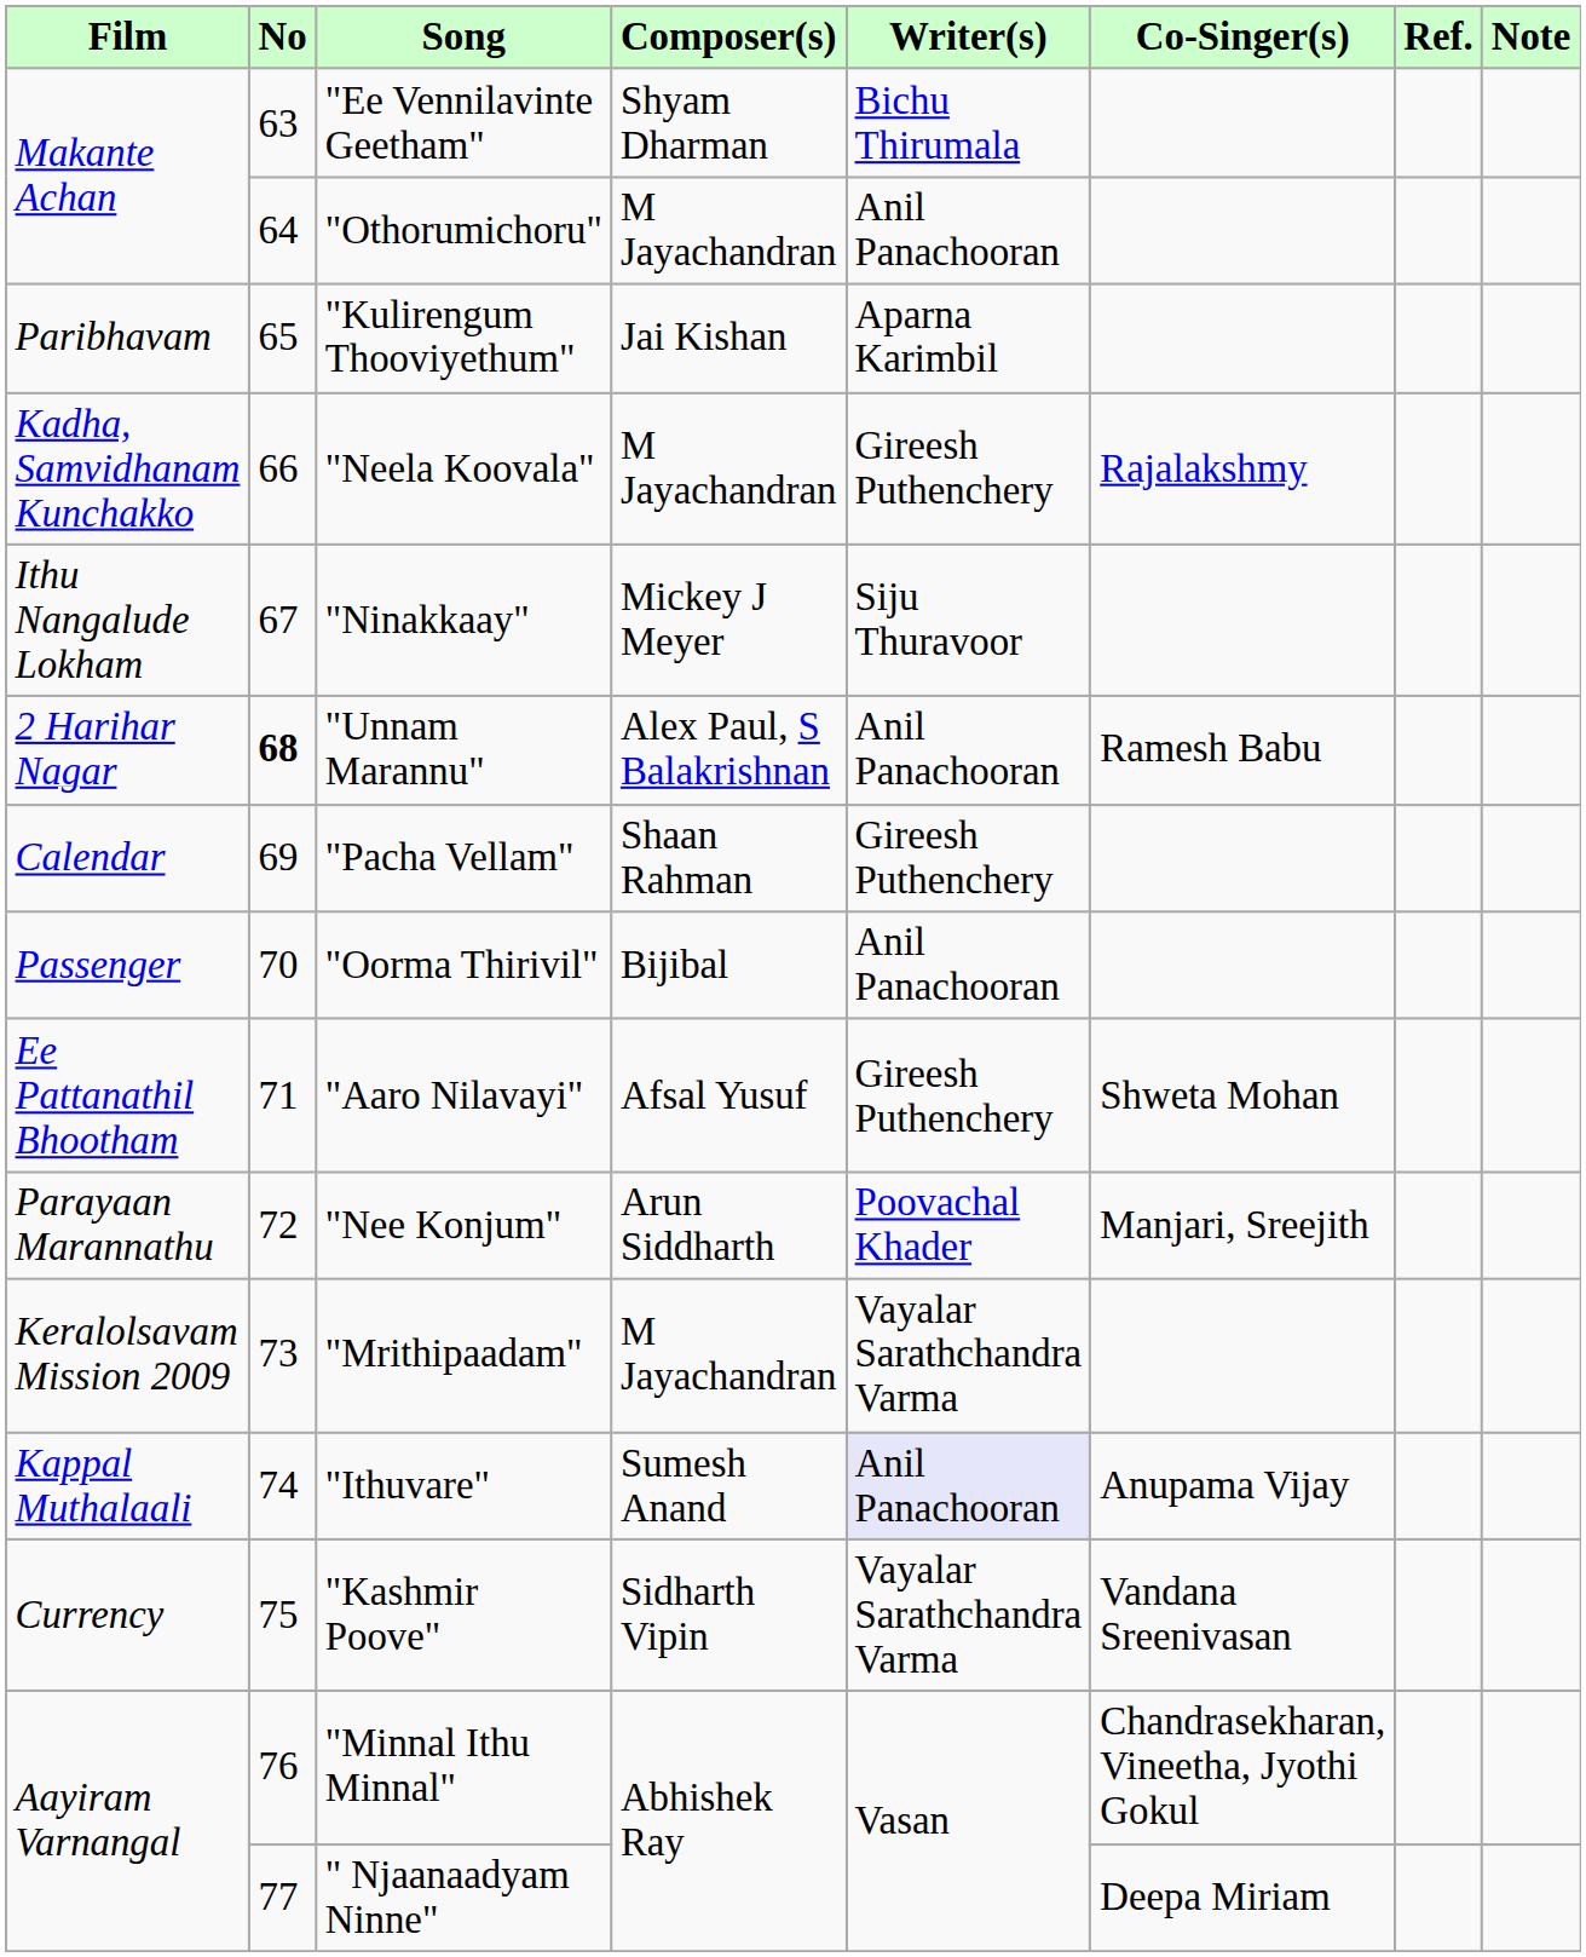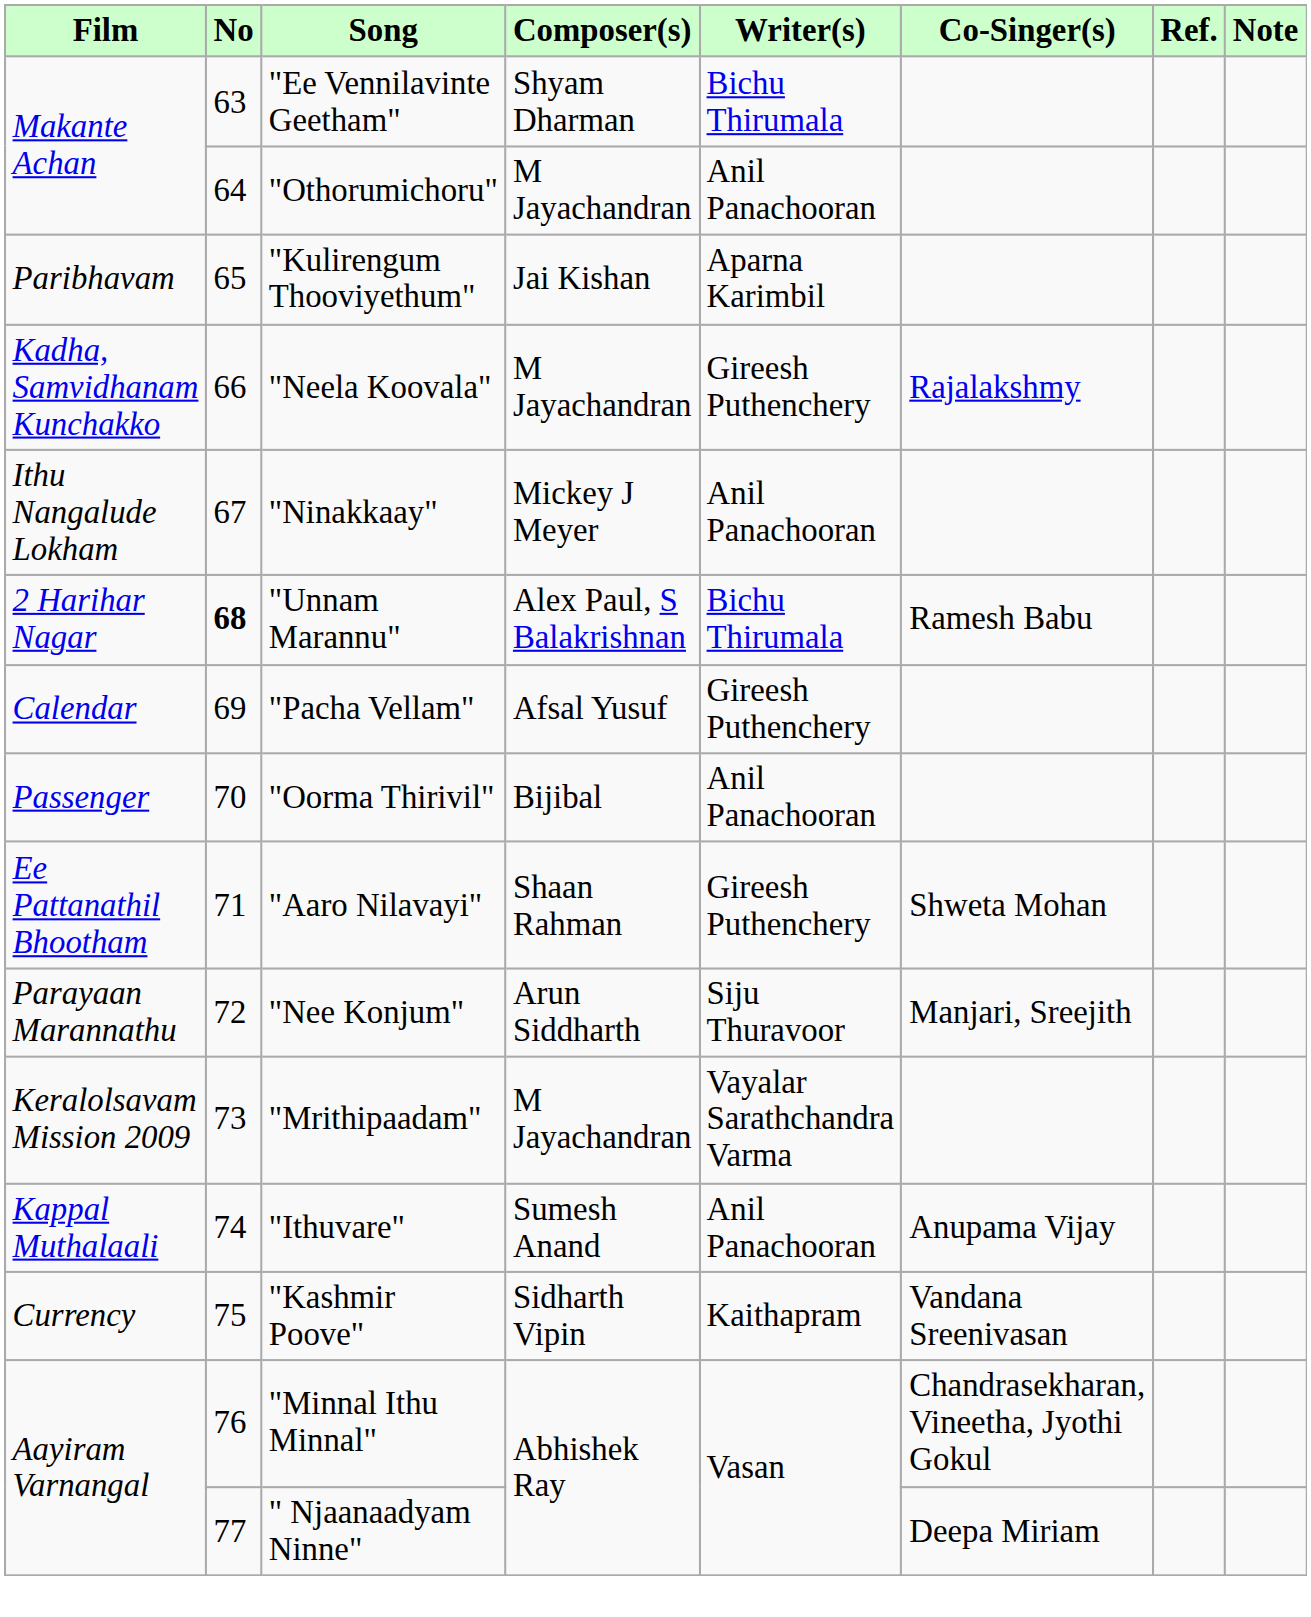 <table class="wikitable plainrowheaders" style="width:100%;" textcolor:#000;" style="align:center;">
 <tr style="background:#cfc; text-align:center;">
 <td scope="col" style="width:18%;"><strong>Film</strong></td>
 <td scope="col" style="width:4%;"><strong>No</strong></td>
 <td scope="col" style="width:14%;"><strong>Song</strong></td>
 <td scope="col" style="width:18%;"><strong>Composer(s)</strong></td>
 <td scope="col" style="width:16%;"><strong>Writer(s)</strong></td>
 <td scope="col" style="width:16%;"><strong>Co-Singer(s)</strong></td>
 <td scope="col" style="width:2%;"><strong>Ref.</strong></td>
 <td scope="col" style="width:12%;"><strong>Note</strong></td>
 </tr>
 <tr>
 <td rowspan="2"><em><a href='#'>Makante Achan</a></em></td>
 <td>63</td>
 <td>"Ee Vennilavinte Geetham"</td>
 <td>Shyam Dharman</td>
 <td><a href='#'>Bichu Thirumala</a></td>
 <td></td>
 <td></td>
 <td></td>
 </tr>
 <tr>
 <td>64</td>
 <td>"Othorumichoru"</td>
 <td>M Jayachandran</td>
 <td>Anil Panachooran</td>
 <td></td>
 <td></td>
 <td></td>
 </tr>
 <tr>
 <td><em>Paribhavam</em></td>
 <td>65</td>
 <td>"Kulirengum Thooviyethum"</td>
 <td>Jai Kishan</td>
 <td>Aparna Karimbil</td>
 <td></td>
 <td></td>
 <td></td>
 </tr>
 <tr>
 <td><em><a href='#'>Kadha, Samvidhanam Kunchakko</a></em></td>
 <td>66</td>
 <td>"Neela Koovala"</td>
 <td>M Jayachandran</td>
 <td>Gireesh Puthenchery</td>
 <td><a href='#'>Rajalakshmy</a></td>
 <td></td>
 <td></td>
 </tr>
 <tr>
 <td><em>Ithu Nangalude Lokham</em></td>
 <td>67</td>
 <td>"Ninakkaay"</td>
 <td>Mickey J Meyer</td>
-<td>Siju Thuravoor</td>
+<td>Anil Panachooran</td>
 <td></td>
 <td></td>
 </tr>
 <tr>
 <td><em><a href='#'>2 Harihar Nagar</a></em></td>
 <td><strong>68</strong></td>
 <td>"Unnam Marannu"</td>
 <td>Alex Paul, <a href='#'>S Balakrishnan</a></td>
-<td>Anil Panachooran</td>
+<td><a href='#'>Bichu Thirumala</a></td>
 <td>Ramesh Babu</td>
 <td></td>
 <td></td>
 </tr>
 <tr>
 <td><a href='#'><em>Calendar</em></a></td>
 <td>69</td>
 <td>"Pacha Vellam"</td>
-<td>Shaan Rahman</td>
+<td>Afsal Yusuf</td>
 <td>Gireesh Puthenchery</td>
 <td></td>
 <td></td>
 <td></td>
 </tr>
 <tr>
 <td><a href='#'><em>Passenger</em></a></td>
 <td>70</td>
 <td>"Oorma Thirivil"</td>
 <td>Bijibal</td>
 <td>Anil Panachooran</td>
 <td></td>
 <td></td>
 <td></td>
 </tr>
 <tr>
 <td><em><a href='#'>Ee Pattanathil Bhootham</a></em></td>
 <td>71</td>
 <td>"Aaro Nilavayi"</td>
-<td>Afsal Yusuf</td>
+<td>Shaan Rahman</td>
 <td>Gireesh Puthenchery</td>
 <td>Shweta Mohan</td>
 <td></td>
 <td></td>
 </tr>
 <tr>
 <td><em>Parayaan Marannathu</em></td>
 <td>72</td>
 <td>"Nee Konjum"</td>
 <td>Arun Siddharth</td>
-<td><a href='#'>Poovachal Khader</a></td>
+<td>Siju Thuravoor</td>
 <td>Manjari, Sreejith</td>
 <td></td>
 <td></td>
 </tr>
 <tr>
 <td><em>Keralolsavam Mission 2009</em></td>
 <td>73</td>
 <td>"Mrithipaadam"</td>
 <td>M Jayachandran</td>
 <td>Vayalar Sarathchandra Varma</td>
 <td></td>
 <td></td>
 <td></td>
 </tr>
 <tr>
 <td><em><a href='#'>Kappal Muthalaali</a></em></td>
 <td>74</td>
 <td>"Ithuvare"</td>
 <td>Sumesh Anand</td>
-<td style="background: lavender;">Anil Panachooran</td>
+<td>Anil Panachooran</td>
 <td>Anupama Vijay</td>
 <td></td>
 <td></td>
 </tr>
 <tr>
 <td><em>Currency</em></td>
 <td>75</td>
 <td>"Kashmir Poove"</td>
 <td>Sidharth Vipin</td>
-<td>Vayalar Sarathchandra Varma</td>
+<td>Kaithapram</td>
 <td>Vandana Sreenivasan</td>
 <td></td>
 <td></td>
 </tr>
 <tr>
 <td rowspan="2"><em>Aayiram Varnangal</em></td>
 <td>76</td>
 <td>"Minnal Ithu Minnal"</td>
 <td rowspan="2">Abhishek Ray</td>
 <td rowspan="2">Vasan</td>
 <td>Chandrasekharan, Vineetha, Jyothi Gokul</td>
 <td></td>
 <td></td>
 </tr>
 <tr>
 <td>77</td>
 <td>"	Njaanaadyam Ninne"</td>
 <td>Deepa Miriam</td>
 <td></td>
 <td></td>
 </tr>
 </table>
